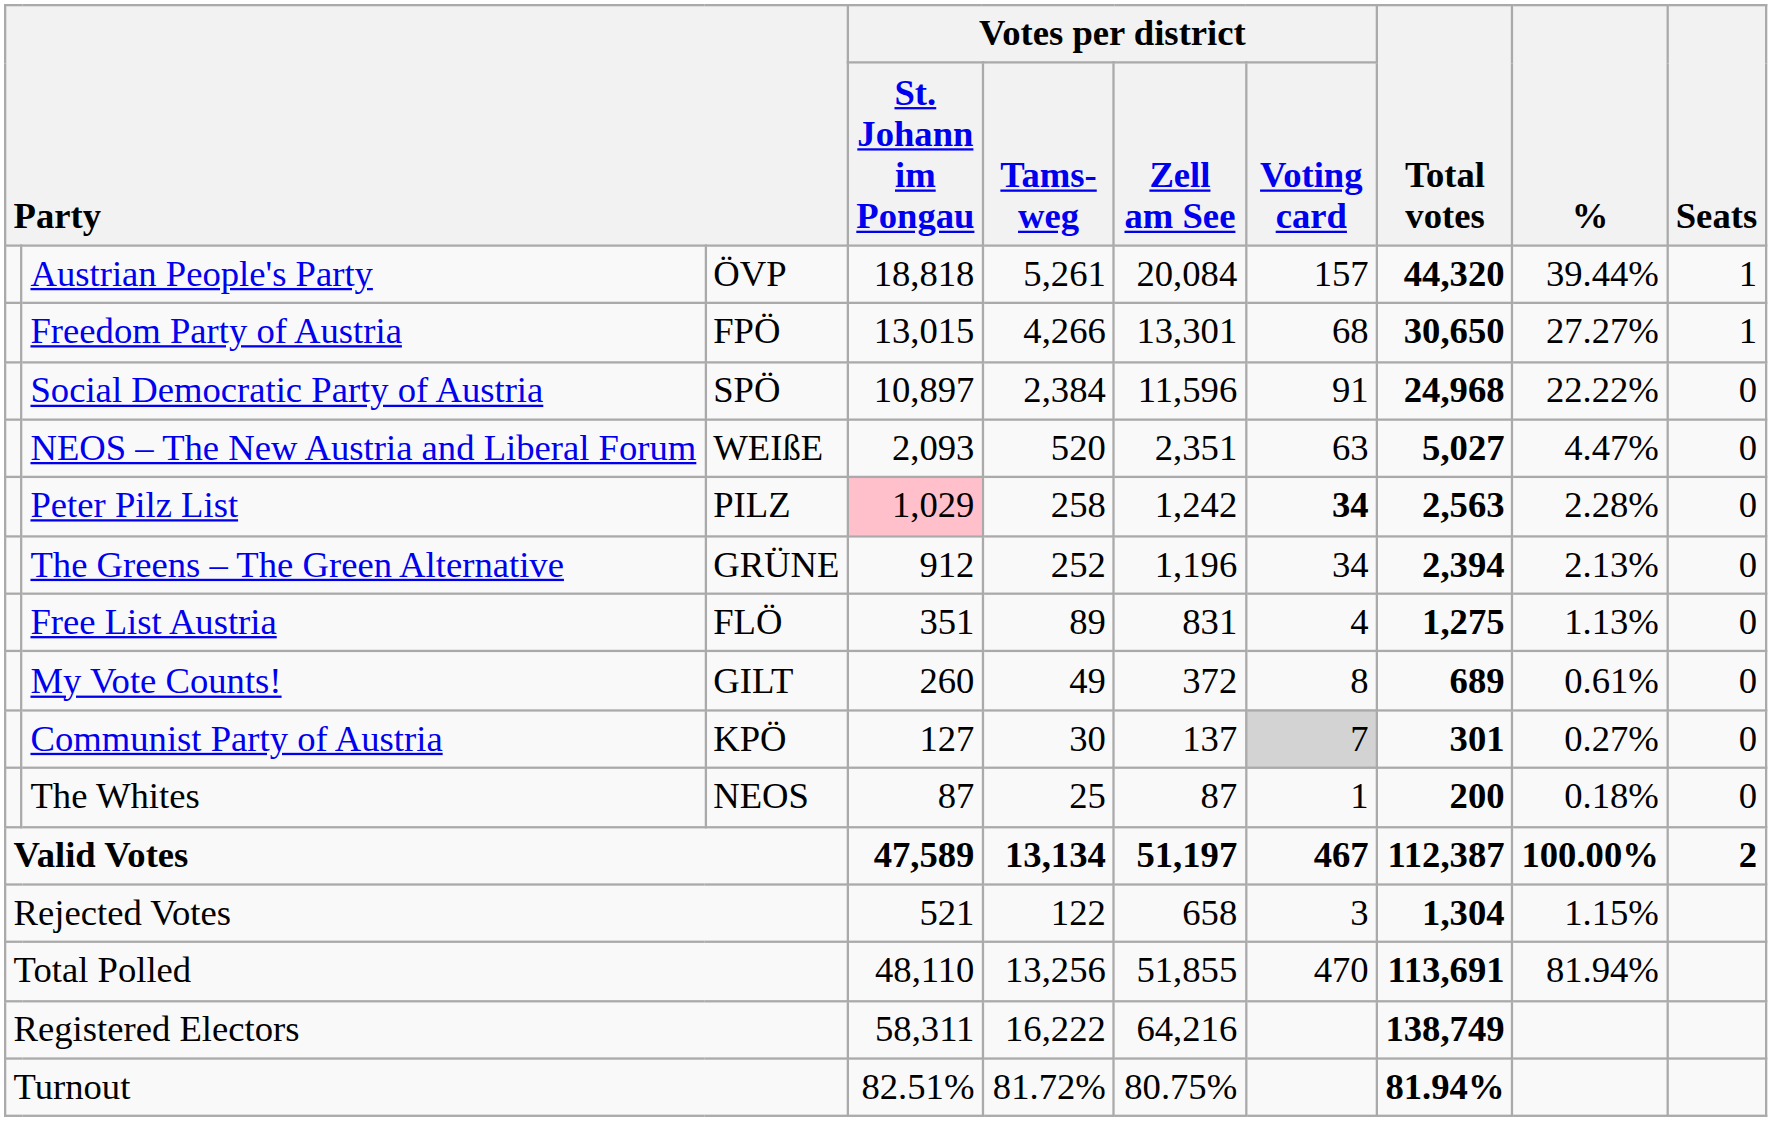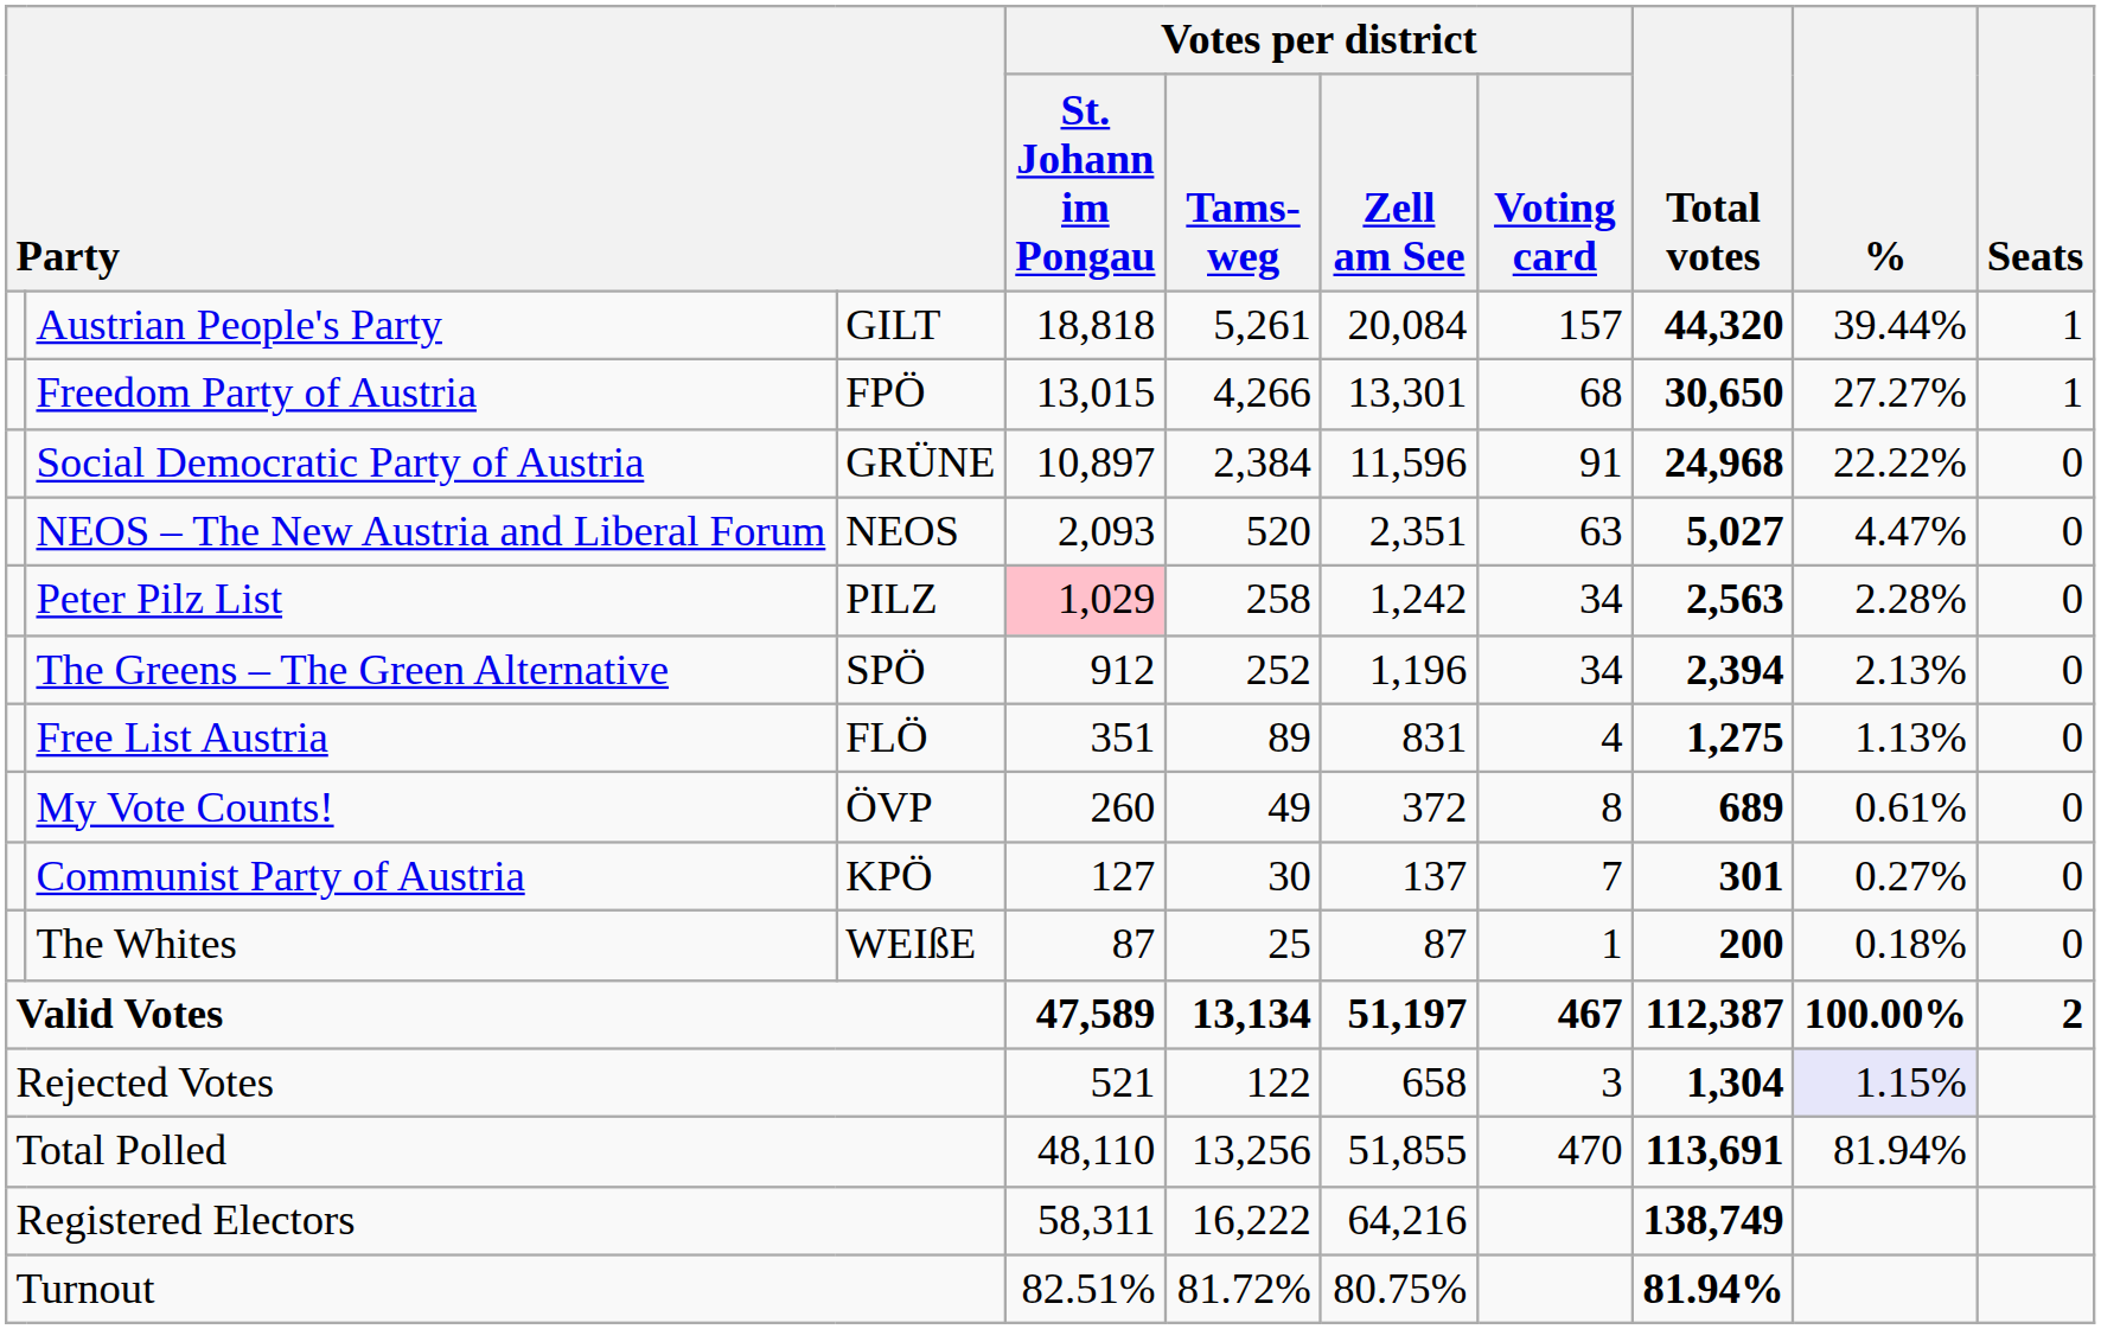 <table class="wikitable" border="1" style="text-align:right;">
 <tr>
 <th style="text-align:left;" valign=bottom rowspan=2 colspan=3>Party</th>
 <th colspan=4>Votes per district</th>
 <th align=center valign=bottom rowspan=2 width="50">Total<br>votes</th>
 <th align=center valign=bottom rowspan=2 width="50">%</th>
 <th align=center valign=bottom rowspan=2>Seats</th>
 </tr>
 <tr>
 <th align=center valign=bottom width="50"><a href='#'>St.<br>Johann<br>im<br>Pongau</a></th>
 <th align=center valign=bottom width="50"><a href='#'>Tams-<br>weg</a></th>
 <th align=center valign=bottom width="50"><a href='#'>Zell<br>am See</a></th>
 <th align=center valign=bottom width="50"><a href='#'>Voting<br>card</a></th>
 </tr>
 <tr>
 <td></td>
 <td align=left><a href='#'>Austrian People's Party</a></td>
-<td align=left>ÖVP</td>
+<td align=left>GILT</td>
 <td>18,818</td>
 <td>5,261</td>
 <td>20,084</td>
 <td>157</td>
 <td><strong>44,320</strong></td>
 <td>39.44%</td>
 <td>1</td>
 </tr>
 <tr>
 <td></td>
 <td align=left><a href='#'>Freedom Party of Austria</a></td>
 <td align=left>FPÖ</td>
 <td>13,015</td>
 <td>4,266</td>
 <td>13,301</td>
 <td>68</td>
 <td><strong>30,650</strong></td>
 <td>27.27%</td>
 <td>1</td>
 </tr>
 <tr>
 <td></td>
 <td align=left><a href='#'>Social Democratic Party of Austria</a></td>
-<td align=left>SPÖ</td>
+<td align=left>GRÜNE</td>
 <td>10,897</td>
 <td>2,384</td>
 <td>11,596</td>
 <td>91</td>
 <td><strong>24,968</strong></td>
 <td>22.22%</td>
 <td>0</td>
 </tr>
 <tr>
 <td></td>
 <td align=left style="white-space: nowrap;"><a href='#'>NEOS – The New Austria and Liberal Forum</a></td>
-<td align=left>WEIßE</td>
+<td align=left>NEOS</td>
 <td>2,093</td>
 <td>520</td>
 <td>2,351</td>
 <td>63</td>
 <td><strong>5,027</strong></td>
 <td>4.47%</td>
 <td>0</td>
 </tr>
 <tr>
 <td></td>
 <td align=left><a href='#'>Peter Pilz List</a></td>
 <td align=left>PILZ</td>
 <td style="background: pink;">1,029</td>
 <td>258</td>
 <td>1,242</td>
-<td><strong>34</strong></td>
+<td>34</td>
 <td><strong>2,563</strong></td>
 <td>2.28%</td>
 <td>0</td>
 </tr>
 <tr>
 <td></td>
 <td align=left><a href='#'>The Greens – The Green Alternative</a></td>
-<td align=left>GRÜNE</td>
+<td align=left>SPÖ</td>
 <td>912</td>
 <td>252</td>
 <td>1,196</td>
 <td>34</td>
 <td><strong>2,394</strong></td>
 <td>2.13%</td>
 <td>0</td>
 </tr>
 <tr>
 <td></td>
 <td align=left><a href='#'>Free List Austria</a></td>
 <td align=left>FLÖ</td>
 <td>351</td>
 <td>89</td>
 <td>831</td>
 <td>4</td>
 <td><strong>1,275</strong></td>
 <td>1.13%</td>
 <td>0</td>
 </tr>
 <tr>
 <td></td>
 <td align=left><a href='#'>My Vote Counts!</a></td>
-<td align=left>GILT</td>
+<td align=left>ÖVP</td>
 <td>260</td>
 <td>49</td>
 <td>372</td>
 <td>8</td>
 <td><strong>689</strong></td>
 <td>0.61%</td>
 <td>0</td>
 </tr>
 <tr>
 <td></td>
 <td align=left><a href='#'>Communist Party of Austria</a></td>
 <td align=left>KPÖ</td>
 <td>127</td>
 <td>30</td>
 <td>137</td>
-<td style="background: lightgrey;">7</td>
+<td>7</td>
 <td><strong>301</strong></td>
 <td>0.27%</td>
 <td>0</td>
 </tr>
 <tr>
 <td></td>
 <td align=left>The Whites</td>
-<td align=left>NEOS</td>
+<td align=left>WEIßE</td>
 <td>87</td>
 <td>25</td>
 <td>87</td>
 <td>1</td>
 <td><strong>200</strong></td>
 <td>0.18%</td>
 <td>0</td>
 </tr>
 <tr style="font-weight:bold">
 <td align=left colspan=3>Valid Votes</td>
 <td>47,589</td>
 <td>13,134</td>
 <td>51,197</td>
 <td>467</td>
 <td>112,387</td>
 <td>100.00%</td>
 <td>2</td>
 </tr>
 <tr>
 <td align=left colspan=3>Rejected Votes</td>
 <td>521</td>
 <td>122</td>
 <td>658</td>
 <td>3</td>
 <td><strong>1,304</strong></td>
-<td>1.15%</td>
+<td style="background: lavender;">1.15%</td>
 <td></td>
 </tr>
 <tr>
 <td align=left colspan=3>Total Polled</td>
 <td>48,110</td>
 <td>13,256</td>
 <td>51,855</td>
 <td>470</td>
 <td><strong>113,691</strong></td>
 <td>81.94%</td>
 <td></td>
 </tr>
 <tr>
 <td align=left colspan=3>Registered Electors</td>
 <td>58,311</td>
 <td>16,222</td>
 <td>64,216</td>
 <td></td>
 <td><strong>138,749</strong></td>
 <td></td>
 <td></td>
 </tr>
 <tr>
 <td align=left colspan=3>Turnout</td>
 <td>82.51%</td>
 <td>81.72%</td>
 <td>80.75%</td>
 <td></td>
 <td><strong>81.94%</strong></td>
 <td></td>
 <td></td>
 </tr>
 </table>
